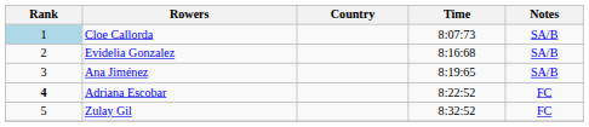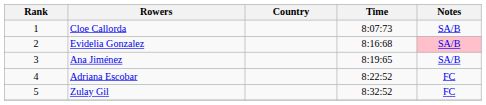 <table class="wikitable" width=60% style="text-align:center">
 <tr>
 <th>Rank</th>
 <th>Rowers</th>
 <th>Country</th>
 <th>Time</th>
 <th>Notes</th>
 </tr>
 <tr>
-<td style="background: lightblue;">1</td>
+<td>1</td>
 <td align=left><a href='#'>Cloe Callorda</a></td>
 <td align=left></td>
 <td>8:07:73</td>
 <td><a href='#'>SA/B</a></td>
 </tr>
 <tr>
 <td>2</td>
 <td align=left><a href='#'>Evidelia Gonzalez</a></td>
 <td align=left></td>
 <td>8:16:68</td>
-<td><a href='#'>SA/B</a></td>
+<td style="background: pink;"><a href='#'>SA/B</a></td>
 </tr>
 <tr>
 <td>3</td>
 <td align=left><a href='#'>Ana Jiménez</a></td>
 <td align=left></td>
 <td>8:19:65</td>
 <td><a href='#'>SA/B</a></td>
 </tr>
 <tr>
-<td><strong>4</strong></td>
+<td>4</td>
 <td align=left><a href='#'>Adriana Escobar</a></td>
 <td align=left></td>
 <td>8:22:52</td>
 <td><a href='#'>FC</a></td>
 </tr>
 <tr>
 <td>5</td>
 <td align=left><a href='#'>Zulay Gil</a></td>
 <td align=left></td>
 <td>8:32:52</td>
 <td><a href='#'>FC</a></td>
 </tr>
 <tr>
 </tr>
 </table>
